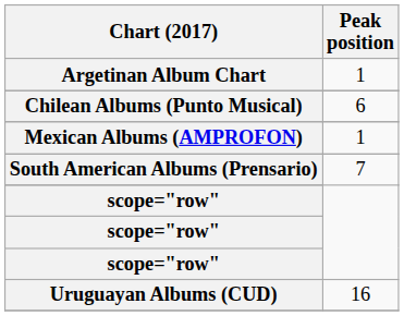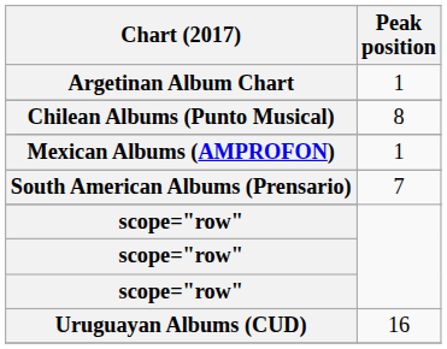 <table class="wikitable sortable plainrowheaders" style="text-align:center">
 <tr>
 <th scope="col">Chart (2017)</th>
 <th scope="col">Peak<br> position</th>
 </tr>
 <tr>
 <th scope="row">Argetinan Album Chart</th>
 <td align="center">1</td>
 </tr>
 <tr>
 </tr>
 <tr>
 </tr>
 <tr>
 <th scope="row">Chilean Albums (Punto Musical)</th>
-<td align="center">6</td>
+<td align="center">8</td>
 </tr>
 <tr>
 </tr>
 <tr>
 </tr>
 <tr>
 <th scope="row">Mexican Albums (<a href='#'>AMPROFON</a>)</th>
 <td>1</td>
 </tr>
 <tr>
 </tr>
 <tr>
 <th scope="row">South American Albums (Prensario)</th>
 <td align="center">7</td>
 </tr>
 <tr>
 </tr>
 <tr>
 <th>scope="row" </th>
 </tr>
 <tr>
 <th>scope="row" </th>
 </tr>
 <tr>
 <th>scope="row" </th>
 </tr>
 <tr>
 <th scope="row">Uruguayan Albums (CUD)</th>
 <td>16</td>
 </tr>
 <tr>
 </tr>
 </table>
